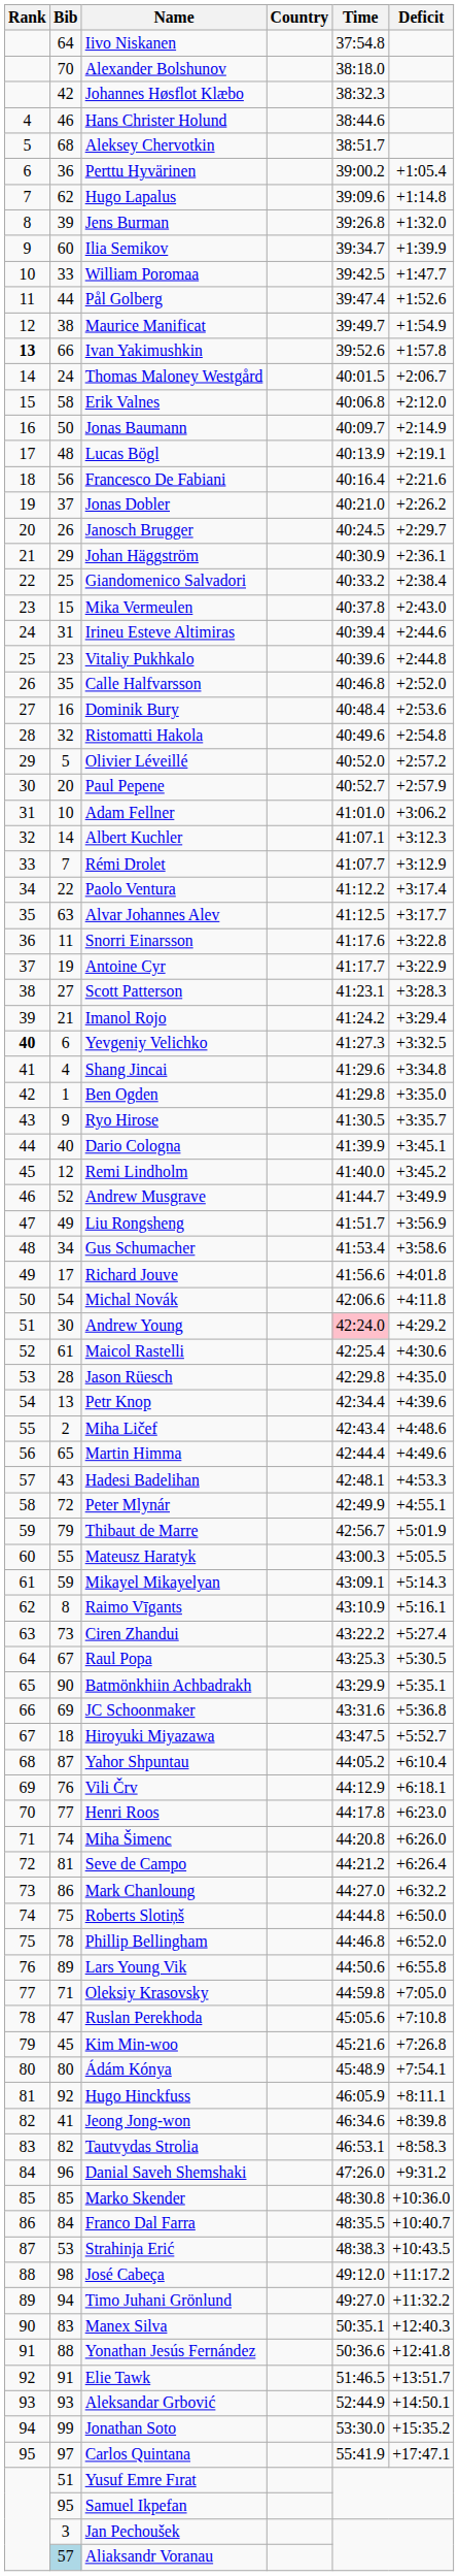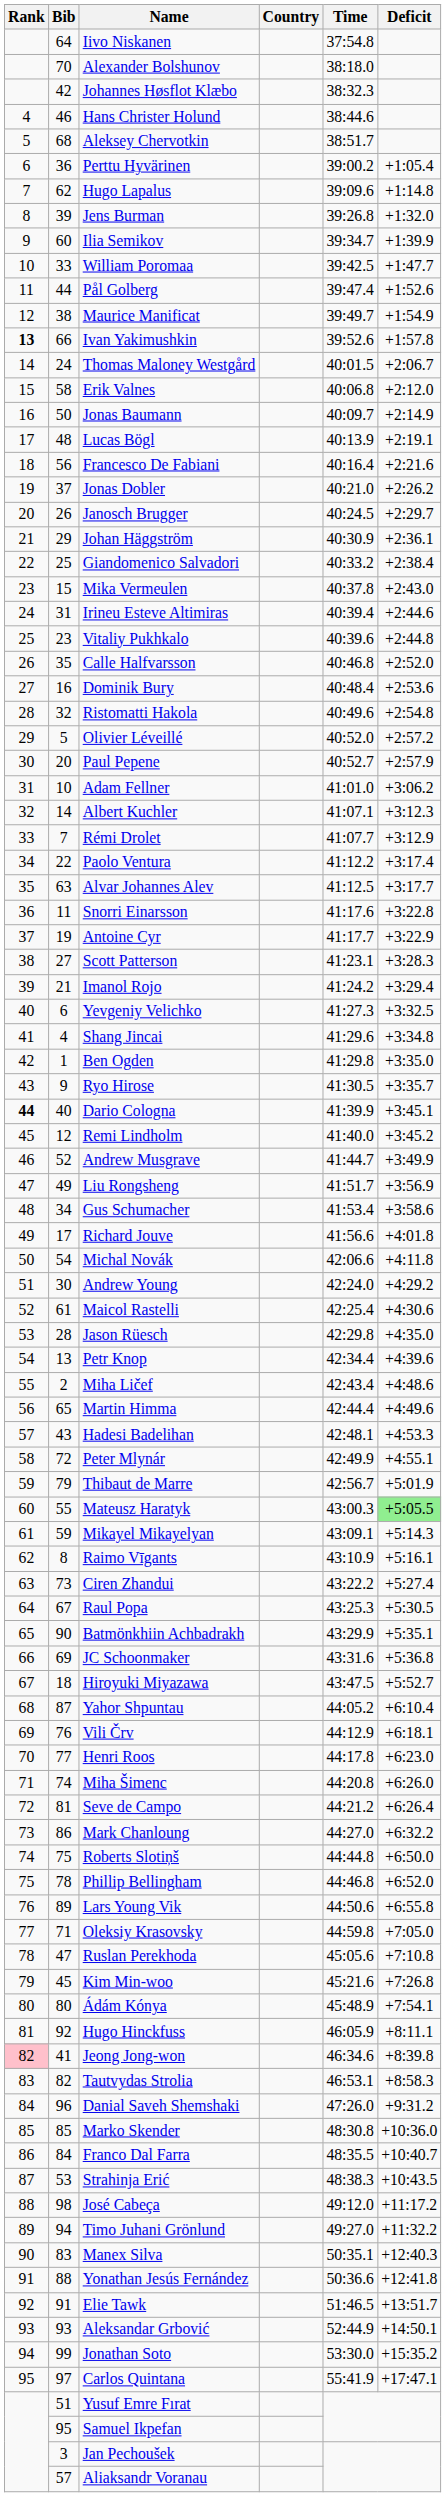 <table class="wikitable sortable" style="text-align:center">
 <tr>
 <th>Rank</th>
 <th>Bib</th>
 <th>Name</th>
 <th>Country</th>
 <th>Time</th>
 <th>Deficit</th>
 </tr>
 <tr>
 <td></td>
 <td>64</td>
 <td align=left><a href='#'>Iivo Niskanen</a></td>
 <td align=left></td>
 <td>37:54.8</td>
 <td></td>
 </tr>
 <tr>
 <td></td>
 <td>70</td>
 <td align=left><a href='#'>Alexander Bolshunov</a></td>
 <td align=left></td>
 <td>38:18.0</td>
 <td></td>
 </tr>
 <tr>
 <td></td>
 <td>42</td>
 <td align=left><a href='#'>Johannes Høsflot Klæbo</a></td>
 <td align=left></td>
 <td>38:32.3</td>
 <td></td>
 </tr>
 <tr>
 <td>4</td>
 <td>46</td>
 <td align=left><a href='#'>Hans Christer Holund</a></td>
 <td align=left></td>
 <td>38:44.6</td>
 <td></td>
 </tr>
 <tr>
 <td>5</td>
 <td>68</td>
 <td align=left><a href='#'>Aleksey Chervotkin</a></td>
 <td align=left></td>
 <td>38:51.7</td>
 <td></td>
 </tr>
 <tr>
 <td>6</td>
 <td>36</td>
 <td align=left><a href='#'>Perttu Hyvärinen</a></td>
 <td align=left></td>
 <td>39:00.2</td>
 <td>+1:05.4</td>
 </tr>
 <tr>
 <td>7</td>
 <td>62</td>
 <td align=left><a href='#'>Hugo Lapalus</a></td>
 <td align=left></td>
 <td>39:09.6</td>
 <td>+1:14.8</td>
 </tr>
 <tr>
 <td>8</td>
 <td>39</td>
 <td align=left><a href='#'>Jens Burman</a></td>
 <td align=left></td>
 <td>39:26.8</td>
 <td>+1:32.0</td>
 </tr>
 <tr>
 <td>9</td>
 <td>60</td>
 <td align=left><a href='#'>Ilia Semikov</a></td>
 <td align=left></td>
 <td>39:34.7</td>
 <td>+1:39.9</td>
 </tr>
 <tr>
 <td>10</td>
 <td>33</td>
 <td align=left><a href='#'>William Poromaa</a></td>
 <td align=left></td>
 <td>39:42.5</td>
 <td>+1:47.7</td>
 </tr>
 <tr>
 <td>11</td>
 <td>44</td>
 <td align=left><a href='#'>Pål Golberg</a></td>
 <td align=left></td>
 <td>39:47.4</td>
 <td>+1:52.6</td>
 </tr>
 <tr>
 <td>12</td>
 <td>38</td>
 <td align=left><a href='#'>Maurice Manificat</a></td>
 <td align=left></td>
 <td>39:49.7</td>
 <td>+1:54.9</td>
 </tr>
 <tr>
 <td><strong>13</strong></td>
 <td>66</td>
 <td align=left><a href='#'>Ivan Yakimushkin</a></td>
 <td align=left></td>
 <td>39:52.6</td>
 <td>+1:57.8</td>
 </tr>
 <tr>
 <td>14</td>
 <td>24</td>
 <td align=left><a href='#'>Thomas Maloney Westgård</a></td>
 <td align=left></td>
 <td>40:01.5</td>
 <td>+2:06.7</td>
 </tr>
 <tr>
 <td>15</td>
 <td>58</td>
 <td align=left><a href='#'>Erik Valnes</a></td>
 <td align=left></td>
 <td>40:06.8</td>
 <td>+2:12.0</td>
 </tr>
 <tr>
 <td>16</td>
 <td>50</td>
 <td align=left><a href='#'>Jonas Baumann</a></td>
 <td align=left></td>
 <td>40:09.7</td>
 <td>+2:14.9</td>
 </tr>
 <tr>
 <td>17</td>
 <td>48</td>
 <td align=left><a href='#'>Lucas Bögl</a></td>
 <td align=left></td>
 <td>40:13.9</td>
 <td>+2:19.1</td>
 </tr>
 <tr>
 <td>18</td>
 <td>56</td>
 <td align=left><a href='#'>Francesco De Fabiani</a></td>
 <td align=left></td>
 <td>40:16.4</td>
 <td>+2:21.6</td>
 </tr>
 <tr>
 <td>19</td>
 <td>37</td>
 <td align=left><a href='#'>Jonas Dobler</a></td>
 <td align=left></td>
 <td>40:21.0</td>
 <td>+2:26.2</td>
 </tr>
 <tr>
 <td>20</td>
 <td>26</td>
 <td align=left><a href='#'>Janosch Brugger</a></td>
 <td align=left></td>
 <td>40:24.5</td>
 <td>+2:29.7</td>
 </tr>
 <tr>
 <td>21</td>
 <td>29</td>
 <td align=left><a href='#'>Johan Häggström</a></td>
 <td align=left></td>
 <td>40:30.9</td>
 <td>+2:36.1</td>
 </tr>
 <tr>
 <td>22</td>
 <td>25</td>
 <td align=left><a href='#'>Giandomenico Salvadori</a></td>
 <td align=left></td>
 <td>40:33.2</td>
 <td>+2:38.4</td>
 </tr>
 <tr>
 <td>23</td>
 <td>15</td>
 <td align=left><a href='#'>Mika Vermeulen</a></td>
 <td align=left></td>
 <td>40:37.8</td>
 <td>+2:43.0</td>
 </tr>
 <tr>
 <td>24</td>
 <td>31</td>
 <td align=left><a href='#'>Irineu Esteve Altimiras</a></td>
 <td align=left></td>
 <td>40:39.4</td>
 <td>+2:44.6</td>
 </tr>
 <tr>
 <td>25</td>
 <td>23</td>
 <td align=left><a href='#'>Vitaliy Pukhkalo</a></td>
 <td align=left></td>
 <td>40:39.6</td>
 <td>+2:44.8</td>
 </tr>
 <tr>
 <td>26</td>
 <td>35</td>
 <td align=left><a href='#'>Calle Halfvarsson</a></td>
 <td align=left></td>
 <td>40:46.8</td>
 <td>+2:52.0</td>
 </tr>
 <tr>
 <td>27</td>
 <td>16</td>
 <td align=left><a href='#'>Dominik Bury</a></td>
 <td align=left></td>
 <td>40:48.4</td>
 <td>+2:53.6</td>
 </tr>
 <tr>
 <td>28</td>
 <td>32</td>
 <td align=left><a href='#'>Ristomatti Hakola</a></td>
 <td align=left></td>
 <td>40:49.6</td>
 <td>+2:54.8</td>
 </tr>
 <tr>
 <td>29</td>
 <td>5</td>
 <td align=left><a href='#'>Olivier Léveillé</a></td>
 <td align=left></td>
 <td>40:52.0</td>
 <td>+2:57.2</td>
 </tr>
 <tr>
 <td>30</td>
 <td>20</td>
 <td align=left><a href='#'>Paul Pepene</a></td>
 <td align=left></td>
 <td>40:52.7</td>
 <td>+2:57.9</td>
 </tr>
 <tr>
 <td>31</td>
 <td>10</td>
 <td align=left><a href='#'>Adam Fellner</a></td>
 <td align=left></td>
 <td>41:01.0</td>
 <td>+3:06.2</td>
 </tr>
 <tr>
 <td>32</td>
 <td>14</td>
 <td align=left><a href='#'>Albert Kuchler</a></td>
 <td align=left></td>
 <td>41:07.1</td>
 <td>+3:12.3</td>
 </tr>
 <tr>
 <td>33</td>
 <td>7</td>
 <td align=left><a href='#'>Rémi Drolet</a></td>
 <td align=left></td>
 <td>41:07.7</td>
 <td>+3:12.9</td>
 </tr>
 <tr>
 <td>34</td>
 <td>22</td>
 <td align=left><a href='#'>Paolo Ventura</a></td>
 <td align=left></td>
 <td>41:12.2</td>
 <td>+3:17.4</td>
 </tr>
 <tr>
 <td>35</td>
 <td>63</td>
 <td align=left><a href='#'>Alvar Johannes Alev</a></td>
 <td align=left></td>
 <td>41:12.5</td>
 <td>+3:17.7</td>
 </tr>
 <tr>
 <td>36</td>
 <td>11</td>
 <td align=left><a href='#'>Snorri Einarsson</a></td>
 <td align=left></td>
 <td>41:17.6</td>
 <td>+3:22.8</td>
 </tr>
 <tr>
 <td>37</td>
 <td>19</td>
 <td align=left><a href='#'>Antoine Cyr</a></td>
 <td align=left></td>
 <td>41:17.7</td>
 <td>+3:22.9</td>
 </tr>
 <tr>
 <td>38</td>
 <td>27</td>
 <td align=left><a href='#'>Scott Patterson</a></td>
 <td align=left></td>
 <td>41:23.1</td>
 <td>+3:28.3</td>
 </tr>
 <tr>
 <td>39</td>
 <td>21</td>
 <td align=left><a href='#'>Imanol Rojo</a></td>
 <td align=left></td>
 <td>41:24.2</td>
 <td>+3:29.4</td>
 </tr>
 <tr>
-<td><strong>40</strong></td>
+<td>40</td>
 <td>6</td>
 <td align=left><a href='#'>Yevgeniy Velichko</a></td>
 <td align=left></td>
 <td>41:27.3</td>
 <td>+3:32.5</td>
 </tr>
 <tr>
 <td>41</td>
 <td>4</td>
 <td align=left><a href='#'>Shang Jincai</a></td>
 <td align=left></td>
 <td>41:29.6</td>
 <td>+3:34.8</td>
 </tr>
 <tr>
 <td>42</td>
 <td>1</td>
 <td align=left><a href='#'>Ben Ogden</a></td>
 <td align=left></td>
 <td>41:29.8</td>
 <td>+3:35.0</td>
 </tr>
 <tr>
 <td>43</td>
 <td>9</td>
 <td align=left><a href='#'>Ryo Hirose</a></td>
 <td align=left></td>
 <td>41:30.5</td>
 <td>+3:35.7</td>
 </tr>
 <tr>
-<td>44</td>
+<td><strong>44</strong></td>
 <td>40</td>
 <td align=left><a href='#'>Dario Cologna</a></td>
 <td align=left></td>
 <td>41:39.9</td>
 <td>+3:45.1</td>
 </tr>
 <tr>
 <td>45</td>
 <td>12</td>
 <td align=left><a href='#'>Remi Lindholm</a></td>
 <td align=left></td>
 <td>41:40.0</td>
 <td>+3:45.2</td>
 </tr>
 <tr>
 <td>46</td>
 <td>52</td>
 <td align=left><a href='#'>Andrew Musgrave</a></td>
 <td align=left></td>
 <td>41:44.7</td>
 <td>+3:49.9</td>
 </tr>
 <tr>
 <td>47</td>
 <td>49</td>
 <td align=left><a href='#'>Liu Rongsheng</a></td>
 <td align=left></td>
 <td>41:51.7</td>
 <td>+3:56.9</td>
 </tr>
 <tr>
 <td>48</td>
 <td>34</td>
 <td align=left><a href='#'>Gus Schumacher</a></td>
 <td align=left></td>
 <td>41:53.4</td>
 <td>+3:58.6</td>
 </tr>
 <tr>
 <td>49</td>
 <td>17</td>
 <td align=left><a href='#'>Richard Jouve</a></td>
 <td align=left></td>
 <td>41:56.6</td>
 <td>+4:01.8</td>
 </tr>
 <tr>
 <td>50</td>
 <td>54</td>
 <td align=left><a href='#'>Michal Novák</a></td>
 <td align=left></td>
 <td>42:06.6</td>
 <td>+4:11.8</td>
 </tr>
 <tr>
 <td>51</td>
 <td>30</td>
 <td align=left><a href='#'>Andrew Young</a></td>
 <td align=left></td>
-<td style="background: pink;">42:24.0</td>
+<td>42:24.0</td>
 <td>+4:29.2</td>
 </tr>
 <tr>
 <td>52</td>
 <td>61</td>
 <td align=left><a href='#'>Maicol Rastelli</a></td>
 <td align=left></td>
 <td>42:25.4</td>
 <td>+4:30.6</td>
 </tr>
 <tr>
 <td>53</td>
 <td>28</td>
 <td align=left><a href='#'>Jason Rüesch</a></td>
 <td align=left></td>
 <td>42:29.8</td>
 <td>+4:35.0</td>
 </tr>
 <tr>
 <td>54</td>
 <td>13</td>
 <td align=left><a href='#'>Petr Knop</a></td>
 <td align=left></td>
 <td>42:34.4</td>
 <td>+4:39.6</td>
 </tr>
 <tr>
 <td>55</td>
 <td>2</td>
 <td align=left><a href='#'>Miha Ličef</a></td>
 <td align=left></td>
 <td>42:43.4</td>
 <td>+4:48.6</td>
 </tr>
 <tr>
 <td>56</td>
 <td>65</td>
 <td align=left><a href='#'>Martin Himma</a></td>
 <td align=left></td>
 <td>42:44.4</td>
 <td>+4:49.6</td>
 </tr>
 <tr>
 <td>57</td>
 <td>43</td>
 <td align=left><a href='#'>Hadesi Badelihan</a></td>
 <td align=left></td>
 <td>42:48.1</td>
 <td>+4:53.3</td>
 </tr>
 <tr>
 <td>58</td>
 <td>72</td>
 <td align=left><a href='#'>Peter Mlynár</a></td>
 <td align=left></td>
 <td>42:49.9</td>
 <td>+4:55.1</td>
 </tr>
 <tr>
 <td>59</td>
 <td>79</td>
 <td align=left><a href='#'>Thibaut de Marre</a></td>
 <td align=left></td>
 <td>42:56.7</td>
 <td>+5:01.9</td>
 </tr>
 <tr>
 <td>60</td>
 <td>55</td>
 <td align=left><a href='#'>Mateusz Haratyk</a></td>
 <td align=left></td>
 <td>43:00.3</td>
-<td>+5:05.5</td>
+<td style="background: lightgreen;">+5:05.5</td>
 </tr>
 <tr>
 <td>61</td>
 <td>59</td>
 <td align=left><a href='#'>Mikayel Mikayelyan</a></td>
 <td align=left></td>
 <td>43:09.1</td>
 <td>+5:14.3</td>
 </tr>
 <tr>
 <td>62</td>
 <td>8</td>
 <td align=left><a href='#'>Raimo Vīgants</a></td>
 <td align=left></td>
 <td>43:10.9</td>
 <td>+5:16.1</td>
 </tr>
 <tr>
 <td>63</td>
 <td>73</td>
 <td align=left><a href='#'>Ciren Zhandui</a></td>
 <td align=left></td>
 <td>43:22.2</td>
 <td>+5:27.4</td>
 </tr>
 <tr>
 <td>64</td>
 <td>67</td>
 <td align=left><a href='#'>Raul Popa</a></td>
 <td align=left></td>
 <td>43:25.3</td>
 <td>+5:30.5</td>
 </tr>
 <tr>
 <td>65</td>
 <td>90</td>
 <td align=left><a href='#'>Batmönkhiin Achbadrakh</a></td>
 <td align=left></td>
 <td>43:29.9</td>
 <td>+5:35.1</td>
 </tr>
 <tr>
 <td>66</td>
 <td>69</td>
 <td align=left><a href='#'>JC Schoonmaker</a></td>
 <td align=left></td>
 <td>43:31.6</td>
 <td>+5:36.8</td>
 </tr>
 <tr>
 <td>67</td>
 <td>18</td>
 <td align=left><a href='#'>Hiroyuki Miyazawa</a></td>
 <td align=left></td>
 <td>43:47.5</td>
 <td>+5:52.7</td>
 </tr>
 <tr>
 <td>68</td>
 <td>87</td>
 <td align=left><a href='#'>Yahor Shpuntau</a></td>
 <td align=left></td>
 <td>44:05.2</td>
 <td>+6:10.4</td>
 </tr>
 <tr>
 <td>69</td>
 <td>76</td>
 <td align=left><a href='#'>Vili Črv</a></td>
 <td align=left></td>
 <td>44:12.9</td>
 <td>+6:18.1</td>
 </tr>
 <tr>
 <td>70</td>
 <td>77</td>
 <td align=left><a href='#'>Henri Roos</a></td>
 <td align=left></td>
 <td>44:17.8</td>
 <td>+6:23.0</td>
 </tr>
 <tr>
 <td>71</td>
 <td>74</td>
 <td align=left><a href='#'>Miha Šimenc</a></td>
 <td align=left></td>
 <td>44:20.8</td>
 <td>+6:26.0</td>
 </tr>
 <tr>
 <td>72</td>
 <td>81</td>
 <td align=left><a href='#'>Seve de Campo</a></td>
 <td align=left></td>
 <td>44:21.2</td>
 <td>+6:26.4</td>
 </tr>
 <tr>
 <td>73</td>
 <td>86</td>
 <td align=left><a href='#'>Mark Chanloung</a></td>
 <td align=left></td>
 <td>44:27.0</td>
 <td>+6:32.2</td>
 </tr>
 <tr>
 <td>74</td>
 <td>75</td>
 <td align=left><a href='#'>Roberts Slotiņš</a></td>
 <td align=left></td>
 <td>44:44.8</td>
 <td>+6:50.0</td>
 </tr>
 <tr>
 <td>75</td>
 <td>78</td>
 <td align=left><a href='#'>Phillip Bellingham</a></td>
 <td align=left></td>
 <td>44:46.8</td>
 <td>+6:52.0</td>
 </tr>
 <tr>
 <td>76</td>
 <td>89</td>
 <td align=left><a href='#'>Lars Young Vik</a></td>
 <td align=left></td>
 <td>44:50.6</td>
 <td>+6:55.8</td>
 </tr>
 <tr>
 <td>77</td>
 <td>71</td>
 <td align=left><a href='#'>Oleksiy Krasovsky</a></td>
 <td align=left></td>
 <td>44:59.8</td>
 <td>+7:05.0</td>
 </tr>
 <tr>
 <td>78</td>
 <td>47</td>
 <td align=left><a href='#'>Ruslan Perekhoda</a></td>
 <td align=left></td>
 <td>45:05.6</td>
 <td>+7:10.8</td>
 </tr>
 <tr>
 <td>79</td>
 <td>45</td>
 <td align=left><a href='#'>Kim Min-woo</a></td>
 <td align=left></td>
 <td>45:21.6</td>
 <td>+7:26.8</td>
 </tr>
 <tr>
 <td>80</td>
 <td>80</td>
 <td align=left><a href='#'>Ádám Kónya</a></td>
 <td align=left></td>
 <td>45:48.9</td>
 <td>+7:54.1</td>
 </tr>
 <tr>
 <td>81</td>
 <td>92</td>
 <td align=left><a href='#'>Hugo Hinckfuss</a></td>
 <td align=left></td>
 <td>46:05.9</td>
 <td>+8:11.1</td>
 </tr>
 <tr>
-<td>82</td>
+<td style="background: pink;">82</td>
 <td>41</td>
 <td align=left><a href='#'>Jeong Jong-won</a></td>
 <td align=left></td>
 <td>46:34.6</td>
 <td>+8:39.8</td>
 </tr>
 <tr>
 <td>83</td>
 <td>82</td>
 <td align=left><a href='#'>Tautvydas Strolia</a></td>
 <td align=left></td>
 <td>46:53.1</td>
 <td>+8:58.3</td>
 </tr>
 <tr>
 <td>84</td>
 <td>96</td>
 <td align=left><a href='#'>Danial Saveh Shemshaki</a></td>
 <td align=left></td>
 <td>47:26.0</td>
 <td>+9:31.2</td>
 </tr>
 <tr>
 <td>85</td>
 <td>85</td>
 <td align=left><a href='#'>Marko Skender</a></td>
 <td align=left></td>
 <td>48:30.8</td>
 <td>+10:36.0</td>
 </tr>
 <tr>
 <td>86</td>
 <td>84</td>
 <td align=left><a href='#'>Franco Dal Farra</a></td>
 <td align=left></td>
 <td>48:35.5</td>
 <td>+10:40.7</td>
 </tr>
 <tr>
 <td>87</td>
 <td>53</td>
 <td align=left><a href='#'>Strahinja Erić</a></td>
 <td align=left></td>
 <td>48:38.3</td>
 <td>+10:43.5</td>
 </tr>
 <tr>
 <td>88</td>
 <td>98</td>
 <td align=left><a href='#'>José Cabeça</a></td>
 <td align=left></td>
 <td>49:12.0</td>
 <td>+11:17.2</td>
 </tr>
 <tr>
 <td>89</td>
 <td>94</td>
 <td align=left><a href='#'>Timo Juhani Grönlund</a></td>
 <td align=left></td>
 <td>49:27.0</td>
 <td>+11:32.2</td>
 </tr>
 <tr>
 <td>90</td>
 <td>83</td>
 <td align=left><a href='#'>Manex Silva</a></td>
 <td align=left></td>
 <td>50:35.1</td>
 <td>+12:40.3</td>
 </tr>
 <tr>
 <td>91</td>
 <td>88</td>
 <td align=left><a href='#'>Yonathan Jesús Fernández</a></td>
 <td align=left></td>
 <td>50:36.6</td>
 <td>+12:41.8</td>
 </tr>
 <tr>
 <td>92</td>
 <td>91</td>
 <td align=left><a href='#'>Elie Tawk</a></td>
 <td align=left></td>
 <td>51:46.5</td>
 <td>+13:51.7</td>
 </tr>
 <tr>
 <td>93</td>
 <td>93</td>
 <td align=left><a href='#'>Aleksandar Grbović</a></td>
 <td align=left></td>
 <td>52:44.9</td>
 <td>+14:50.1</td>
 </tr>
 <tr>
 <td>94</td>
 <td>99</td>
 <td align=left><a href='#'>Jonathan Soto</a></td>
 <td align=left></td>
 <td>53:30.0</td>
 <td>+15:35.2</td>
 </tr>
 <tr>
 <td>95</td>
 <td>97</td>
 <td align=left><a href='#'>Carlos Quintana</a></td>
 <td align=left></td>
 <td>55:41.9</td>
 <td>+17:47.1</td>
 </tr>
 <tr>
 <td rowspan=4></td>
 <td>51</td>
 <td align=left><a href='#'>Yusuf Emre Fırat</a></td>
 <td align=left></td>
 <td colspan=2 rowspan=2></td>
 </tr>
 <tr>
 <td>95</td>
 <td align=left><a href='#'>Samuel Ikpefan</a></td>
 <td align=left></td>
 </tr>
 <tr>
 <td>3</td>
 <td align=left><a href='#'>Jan Pechoušek</a></td>
 <td align=left></td>
 <td colspan=2 rowspan=2></td>
 </tr>
 <tr>
-<td style="background: lightblue;">57</td>
+<td>57</td>
 <td align=left><a href='#'>Aliaksandr Voranau</a></td>
 <td align=left></td>
 </tr>
 </table>
